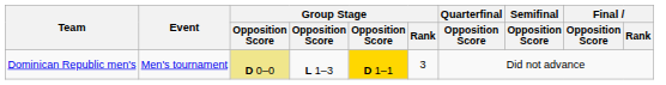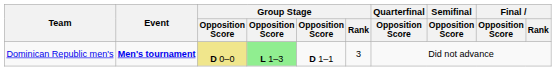 <table class="wikitable" style="font-size:90%">
 <tr>
 <th rowspan=2>Team</th>
 <th rowspan=2>Event</th>
 <th colspan=4>Group Stage</th>
 <th>Quarterfinal</th>
 <th>Semifinal</th>
 <th colspan=2>Final / </th>
 </tr>
 <tr style="font-size:95%">
 <th>Opposition<br>Score</th>
 <th>Opposition<br>Score</th>
 <th>Opposition<br>Score</th>
 <th>Rank</th>
 <th>Opposition<br>Score</th>
 <th>Opposition<br>Score</th>
 <th>Opposition<br>Score</th>
 <th>Rank</th>
 </tr>
 <tr align=center>
 <td align=left><a href='#'>Dominican Republic men's</a></td>
-<td align=left><a href='#'>Men's tournament</a></td>
+<td align=left><strong><a href='#'>Men's tournament</a></strong></td>
 <td style="background: khaki;"><br><strong>D</strong> 0–0</td>
-<td><br><strong>L</strong> 1–3</td>
-<td style="background: gold;"><br><strong>D</strong> 1–1</td>
+<td style="background: lightgreen;"><br><strong>L</strong> 1–3</td>
+<td><br><strong>D</strong> 1–1</td>
 <td>3</td>
 <td colspan="4">Did not advance</td>
 </tr>
 </table>
